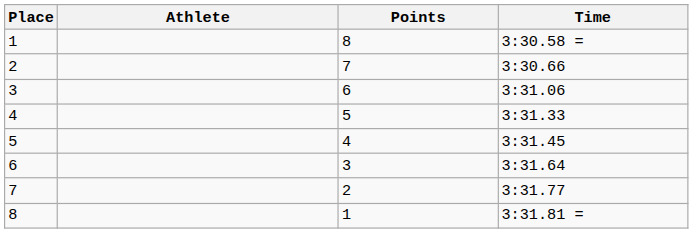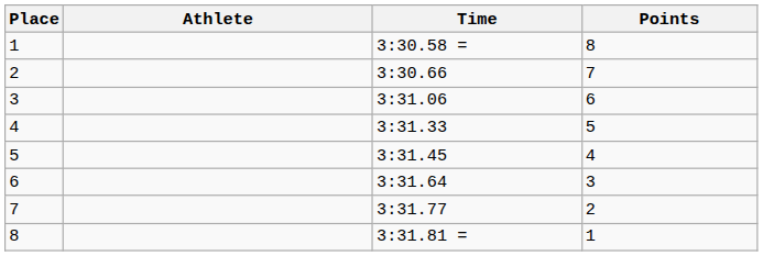 <table class=wikitable>
 <tr>
 <th>Place</th>
 <th style="width:18em">Athlete</th>
+<th style="width:12em">Time</th>
 <th style="width:10em">Points</th>
-<th style="width:12em">Time</th>
 </tr>
 <tr>
 <td>1</td>
 <td></td>
+<td>3:30.58 =</td>
 <td>8</td>
-<td>3:30.58 =</td>
 </tr>
 <tr>
 <td>2</td>
 <td></td>
+<td>3:30.66</td>
 <td>7</td>
-<td>3:30.66</td>
 </tr>
 <tr>
 <td>3</td>
 <td></td>
+<td>3:31.06</td>
 <td>6</td>
-<td>3:31.06</td>
 </tr>
 <tr>
 <td>4</td>
 <td></td>
+<td>3:31.33</td>
 <td>5</td>
-<td>3:31.33</td>
 </tr>
 <tr>
 <td>5</td>
 <td></td>
+<td>3:31.45</td>
 <td>4</td>
-<td>3:31.45</td>
 </tr>
 <tr>
 <td>6</td>
 <td></td>
+<td>3:31.64</td>
 <td>3</td>
-<td>3:31.64</td>
 </tr>
 <tr>
 <td>7</td>
 <td></td>
+<td>3:31.77</td>
 <td>2</td>
-<td>3:31.77</td>
 </tr>
 <tr>
 <td>8</td>
 <td></td>
+<td>3:31.81 =</td>
 <td>1</td>
-<td>3:31.81 =</td>
 </tr>
 </table>
